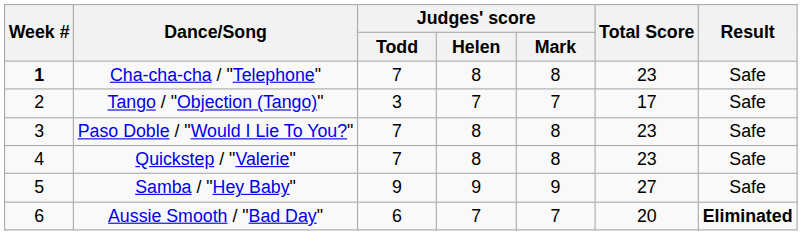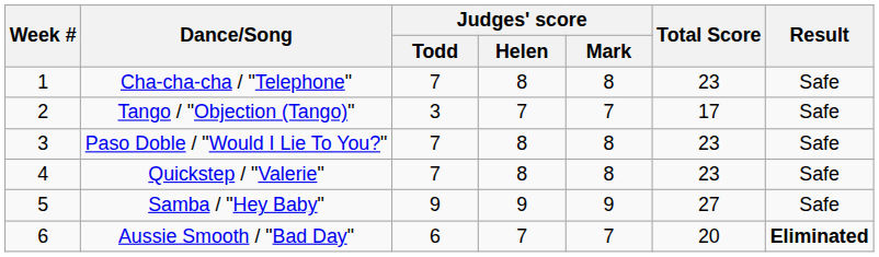 <table class="wikitable" style="text-align:center">
 <tr>
 <th rowspan="2">Week #</th>
 <th rowspan="2">Dance/Song</th>
 <th colspan="3">Judges' score</th>
 <th rowspan="2">Total Score</th>
 <th rowspan="2">Result</th>
 </tr>
 <tr>
 <th style="width:10%;">Todd</th>
 <th style="width:10%;">Helen</th>
 <th style="width:10%;">Mark</th>
 </tr>
 <tr>
-<td><strong>1</strong></td>
+<td>1</td>
 <td><a href='#'>Cha-cha-cha</a> / "<a href='#'>Telephone</a>"</td>
 <td>7</td>
 <td>8</td>
 <td>8</td>
 <td>23</td>
 <td>Safe</td>
 </tr>
 <tr>
 <td>2</td>
 <td><a href='#'>Tango</a> / "<a href='#'>Objection (Tango)</a>"</td>
 <td>3</td>
 <td>7</td>
 <td>7</td>
 <td>17</td>
 <td>Safe</td>
 </tr>
 <tr>
 <td>3</td>
 <td><a href='#'>Paso Doble</a> / "<a href='#'>Would I Lie To You?</a>"</td>
 <td>7</td>
 <td>8</td>
 <td>8</td>
 <td>23</td>
 <td>Safe</td>
 </tr>
 <tr>
 <td>4</td>
 <td><a href='#'>Quickstep</a> / "<a href='#'>Valerie</a>"</td>
 <td>7</td>
 <td>8</td>
 <td>8</td>
 <td>23</td>
 <td>Safe</td>
 </tr>
 <tr>
 <td>5</td>
 <td><a href='#'>Samba</a> / "<a href='#'>Hey Baby</a>"</td>
 <td>9</td>
 <td>9</td>
 <td>9</td>
 <td>27</td>
 <td>Safe</td>
 </tr>
 <tr>
 <td>6</td>
 <td><a href='#'>Aussie Smooth</a> / "<a href='#'>Bad Day</a>"</td>
 <td>6</td>
 <td>7</td>
 <td>7</td>
 <td>20</td>
 <td><strong>Eliminated</strong></td>
 </tr>
 </table>
